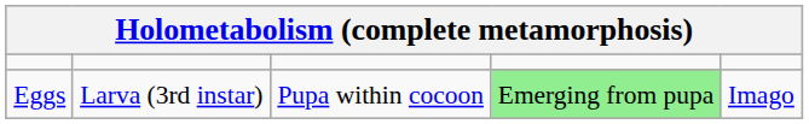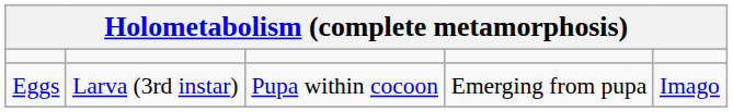 <table class="wikitable" style="margin: 1em auto;">
 <tr>
 <th colspan="5"><a href='#'>Holometabolism</a> (complete metamorphosis)</th>
 </tr>
 <tr>
 <td></td>
 <td></td>
 <td></td>
 <td></td>
 <td></td>
 </tr>
 <tr>
 <td><small><a href='#'>Eggs</a></small></td>
 <td><small><a href='#'>Larva</a> (3rd <a href='#'>instar</a>)</small></td>
 <td><small><a href='#'>Pupa</a> within <a href='#'>cocoon</a></small></td>
-<td style="background: lightgreen;"><small>Emerging from pupa</small></td>
+<td><small>Emerging from pupa</small></td>
 <td><small><a href='#'>Imago</a></small></td>
 </tr>
 </table>
